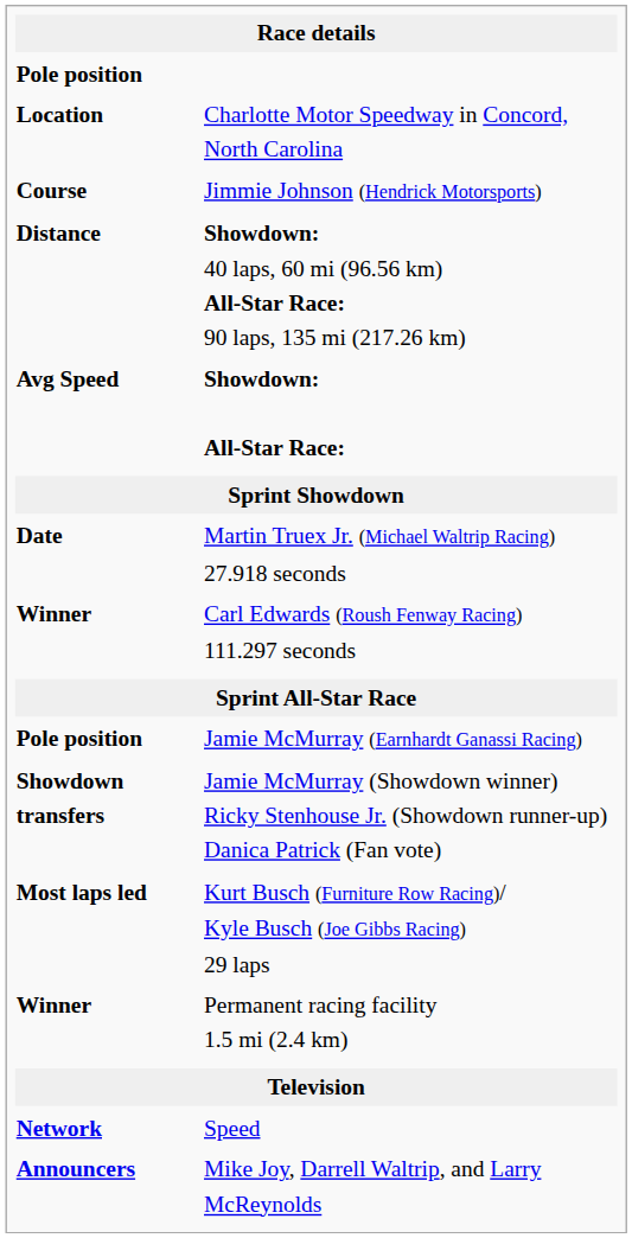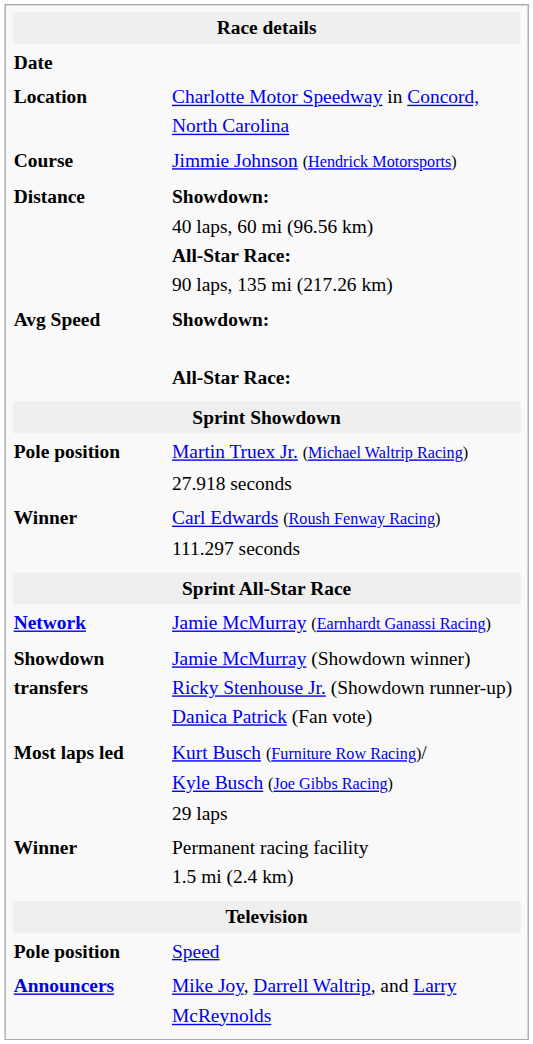 <table class="infobox vevent" style="width: 27em; font-size: 88%; line-height: 1.5em">
 <tr style="text-align: center; background: #ffffff;">
 <td align="center" style="background:#efefef;" colspan=2><strong>Race details</strong></td>
 </tr>
 <tr style="vertical-align: middle;">
-<td><strong>Pole position</strong></td>
+<td><strong>Date</strong></td>
 <td></td>
 </tr>
 <tr style="vertical-align: middle;">
 <td><strong>Location</strong></td>
 <td><a href='#'>Charlotte Motor Speedway</a> in <a href='#'>Concord, North Carolina</a></td>
 </tr>
 <tr style="vertical-align: middle;">
 <td><strong>Course</strong></td>
 <td><a href='#'>Jimmie Johnson</a> <small>(<a href='#'>Hendrick Motorsports</a>)</small></td>
 </tr>
 <tr style="vertical-align: middle;">
 <td><strong>Distance</strong></td>
 <td><strong>Showdown:</strong><br>40 laps, 60 mi (96.56 km)<br><strong>All-Star Race:</strong><br>90 laps, 135 mi (217.26 km)</td>
 </tr>
 <tr style="vertical-align: middle;">
 <td><strong>Avg Speed</strong></td>
 <td><strong>Showdown:</strong><br><br><strong>All-Star Race:</strong><br></td>
 </tr>
 <tr style="vertical-align: middle;">
 <td></td>
 </tr>
 <tr>
 <td align="center" style="background:#efefef;" colspan=2><strong>Sprint Showdown</strong></td>
 </tr>
 <tr style="vertical-align: middle;">
-<td><strong>Date</strong></td>
+<td><strong>Pole position</strong></td>
 <td><a href='#'>Martin Truex Jr.</a> <small>(<a href='#'>Michael Waltrip Racing</a>)</small><br>27.918 seconds</td>
 </tr>
 <tr style="vertical-align: middle;">
 <td><strong>Winner</strong></td>
 <td><a href='#'>Carl Edwards</a> <small>(<a href='#'>Roush Fenway Racing</a>)</small><br>111.297 seconds</td>
 </tr>
 <tr style="vertical-align: middle;">
 <td></td>
 </tr>
 <tr>
 <td align="center" style="background:#efefef;" colspan=2><strong>Sprint All-Star Race</strong></td>
 </tr>
 <tr style="vertical-align: middle;">
-<td><strong>Pole position</strong></td>
+<td><strong><a href='#'>Network</a></strong></td>
 <td><a href='#'>Jamie McMurray</a> <small>(<a href='#'>Earnhardt Ganassi Racing</a>)</small></td>
 </tr>
 <tr style="vertical-align: middle;">
 <td><strong>Showdown transfers</strong></td>
 <td><a href='#'>Jamie McMurray</a> (Showdown winner)<br><a href='#'>Ricky Stenhouse Jr.</a> (Showdown runner-up)<br><a href='#'>Danica Patrick</a> (Fan vote)</td>
 </tr>
 <tr style="vertical-align: middle;">
 <td><strong>Most laps led</strong></td>
 <td><a href='#'>Kurt Busch</a> <small>(<a href='#'>Furniture Row Racing</a>)</small>/<br><a href='#'>Kyle Busch</a> <small>(<a href='#'>Joe Gibbs Racing</a>)</small><br>29 laps</td>
 </tr>
 <tr style="vertical-align: middle;">
 <td><strong>Winner</strong></td>
 <td>Permanent racing facility<br>1.5 mi (2.4 km)</td>
 </tr>
 <tr style="vertical-align: middle;">
 <td></td>
 </tr>
 <tr>
 <td align="center" style="background:#efefef;" colspan=2><strong>Television</strong></td>
 </tr>
 <tr style="vertical-align: middle;">
-<td><strong><a href='#'>Network</a></strong></td>
+<td><strong>Pole position</strong></td>
 <td><a href='#'>Speed</a></td>
 </tr>
 <tr style="vertical-align: middle;">
 <td><strong><a href='#'>Announcers</a></strong></td>
 <td><a href='#'>Mike Joy</a>, <a href='#'>Darrell Waltrip</a>, and <a href='#'>Larry McReynolds</a></td>
 </tr>
 </table>
